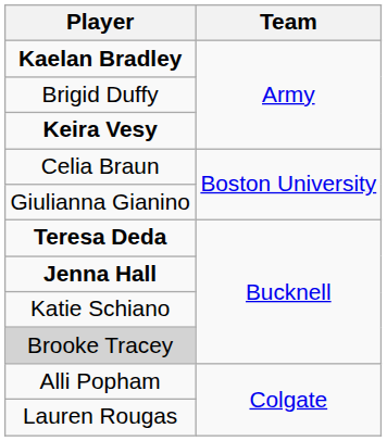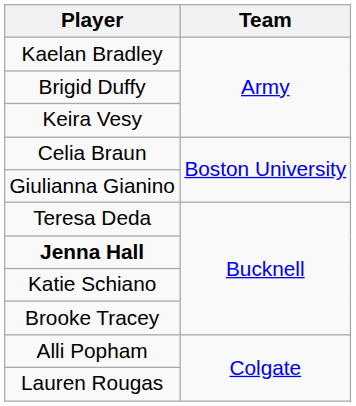 <table class="wikitable" style="text-align: center;">
 <tr>
 <th>Player</th>
 <th>Team</th>
 </tr>
 <tr>
-<td><strong>Kaelan Bradley</strong></td>
+<td>Kaelan Bradley</td>
 <td rowspan=3><a href='#'>Army</a></td>
 </tr>
 <tr>
 <td>Brigid Duffy</td>
 </tr>
 <tr>
-<td><strong>Keira Vesy</strong></td>
+<td>Keira Vesy</td>
 </tr>
 <tr>
 <td>Celia Braun</td>
 <td rowspan=2><a href='#'>Boston University</a></td>
 </tr>
 <tr>
 <td>Giulianna Gianino</td>
 </tr>
 <tr>
-<td><strong>Teresa Deda</strong></td>
+<td>Teresa Deda</td>
 <td rowspan=4><a href='#'>Bucknell</a></td>
 </tr>
 <tr>
 <td><strong>Jenna Hall</strong></td>
 </tr>
 <tr>
 <td>Katie Schiano</td>
 </tr>
 <tr>
-<td style="background: lightgrey;">Brooke Tracey</td>
+<td>Brooke Tracey</td>
 </tr>
 <tr>
 <td>Alli Popham</td>
 <td rowspan=2><a href='#'>Colgate</a></td>
 </tr>
 <tr>
 <td>Lauren Rougas</td>
 </tr>
 </table>
